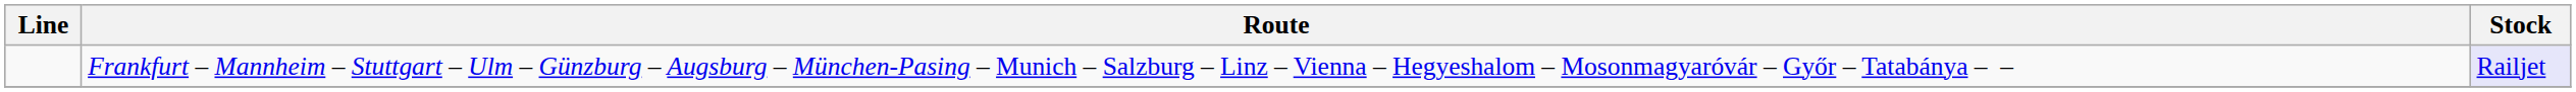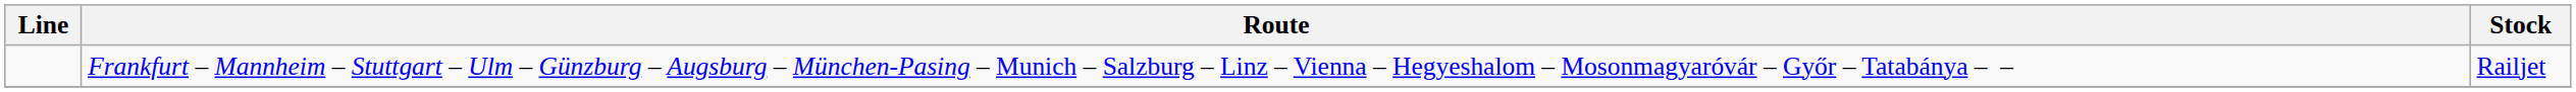 <table class="wikitable" width="100%">
 <tr class="hintergrundfarbe5">
 <th>Line</th>
 <th>Route</th>
 <th>Stock</th>
 </tr>
 <tr>
 <td></td>
 <td><em><a href='#'>Frankfurt</a> –  <a href='#'>Mannheim</a> – <a href='#'>Stuttgart</a> – <a href='#'>Ulm</a> – <a href='#'>Günzburg</a> – <a href='#'>Augsburg</a> – <a href='#'>München-Pasing</a></em> – <a href='#'>Munich</a> – <a href='#'>Salzburg</a> – <a href='#'>Linz</a> –   <a href='#'>Vienna</a> – <a href='#'>Hegyeshalom</a> – <a href='#'>Mosonmagyaróvár</a> – <a href='#'>Győr</a> – <a href='#'>Tatabánya</a> –  – </td>
-<td style="background: lavender;"><a href='#'>Railjet</a></td>
+<td><a href='#'>Railjet</a></td>
 </tr>
 <tr>
 </tr>
 </table>
